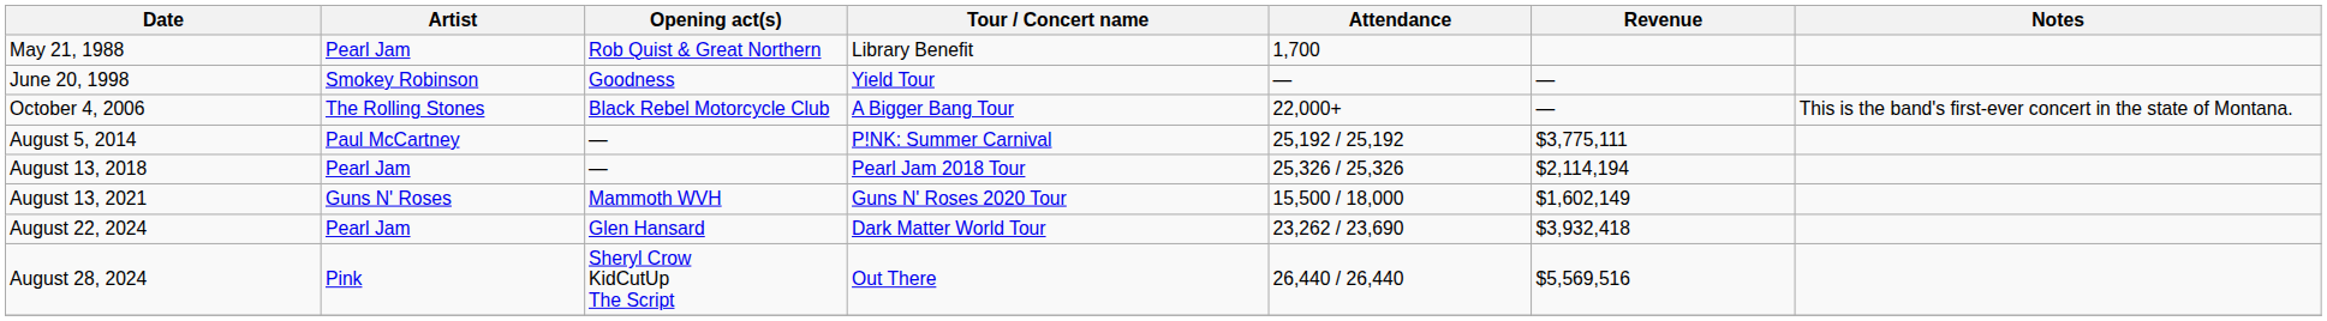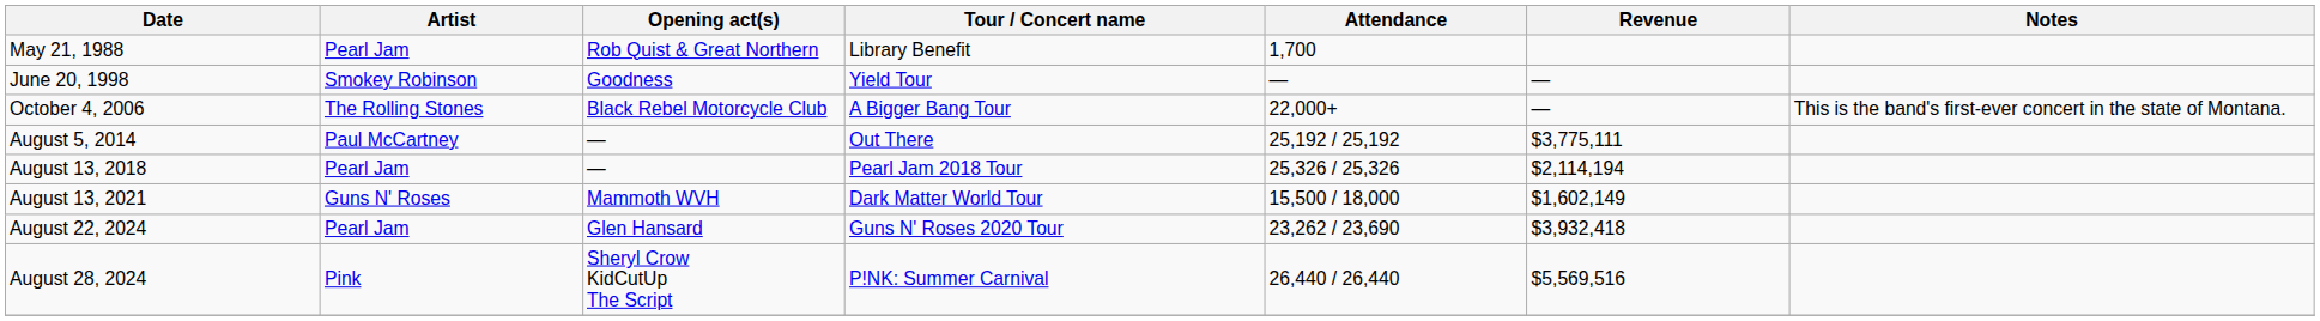 <table class="wikitable" style=font-size:100% style="text-align:center">
 <tr>
 <th width=12%>Date</th>
 <th width=10%>Artist</th>
 <th width=10%>Opening act(s)</th>
 <th width=16%>Tour / Concert name</th>
 <th width=10%>Attendance</th>
 <th width=10%>Revenue</th>
 <th width=20%>Notes</th>
 </tr>
 <tr>
 <td>May 21, 1988</td>
 <td><a href='#'>Pearl Jam</a></td>
 <td><a href='#'>Rob Quist & Great Northern</a></td>
 <td>Library Benefit</td>
 <td>1,700</td>
 <td></td>
 </tr>
 <tr>
 <td>June 20, 1998</td>
 <td><a href='#'>Smokey Robinson</a></td>
 <td><a href='#'>Goodness</a></td>
 <td><a href='#'>Yield Tour</a></td>
 <td>—</td>
 <td>—</td>
 <td></td>
 </tr>
 <tr>
 <td>October 4, 2006</td>
 <td><a href='#'>The Rolling Stones</a></td>
 <td><a href='#'>Black Rebel Motorcycle Club</a></td>
 <td><a href='#'>A Bigger Bang Tour</a></td>
 <td>22,000+</td>
 <td>—</td>
 <td>This is the band's first-ever concert in the state of Montana.</td>
 </tr>
 <tr>
 <td>August 5, 2014</td>
 <td><a href='#'>Paul McCartney</a></td>
 <td>—</td>
-<td><a href='#'>P!NK: Summer Carnival</a></td>
+<td><a href='#'>Out There</a></td>
 <td>25,192 / 25,192</td>
 <td>$3,775,111</td>
 <td></td>
 </tr>
 <tr>
 <td>August 13, 2018</td>
 <td><a href='#'>Pearl Jam</a></td>
 <td>—</td>
 <td><a href='#'>Pearl Jam 2018 Tour</a></td>
 <td>25,326 / 25,326</td>
 <td>$2,114,194</td>
 <td></td>
 </tr>
 <tr>
 <td>August 13, 2021</td>
 <td><a href='#'>Guns N' Roses</a></td>
 <td><a href='#'>Mammoth WVH</a></td>
-<td><a href='#'>Guns N' Roses 2020 Tour</a></td>
+<td><a href='#'>Dark Matter World Tour</a></td>
 <td>15,500 / 18,000</td>
 <td>$1,602,149</td>
 <td></td>
 </tr>
 <tr>
 <td>August 22, 2024</td>
 <td><a href='#'>Pearl Jam</a></td>
 <td><a href='#'>Glen Hansard</a></td>
-<td><a href='#'>Dark Matter World Tour</a></td>
+<td><a href='#'>Guns N' Roses 2020 Tour</a></td>
 <td>23,262 / 23,690</td>
 <td>$3,932,418</td>
 <td></td>
 </tr>
 <tr>
 <td>August 28, 2024</td>
 <td><a href='#'>Pink</a></td>
 <td><a href='#'>Sheryl Crow</a><br>KidCutUp<br><a href='#'>The Script</a></td>
-<td><a href='#'>Out There</a></td>
+<td><a href='#'>P!NK: Summer Carnival</a></td>
 <td>26,440 / 26,440</td>
 <td>$5,569,516</td>
 <td></td>
 </tr>
 <tr>
 </tr>
 </table>
